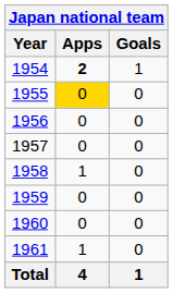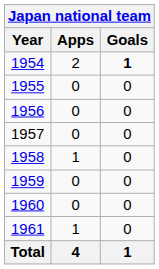 <table class="wikitable" style="text-align:center">
 <tr>
 <th colspan=3><a href='#'>Japan national team</a></th>
 </tr>
 <tr>
 <th>Year</th>
 <th>Apps</th>
 <th>Goals</th>
 </tr>
 <tr>
 <td><a href='#'>1954</a></td>
-<td><strong>2</strong></td>
-<td>1</td>
+<td>2</td>
+<td><strong>1</strong></td>
 </tr>
 <tr>
 <td><a href='#'>1955</a></td>
-<td style="background: gold;">0</td>
+<td>0</td>
 <td>0</td>
 </tr>
 <tr>
 <td><a href='#'>1956</a></td>
 <td>0</td>
 <td>0</td>
 </tr>
 <tr>
 <td>1957</td>
 <td>0</td>
 <td>0</td>
 </tr>
 <tr>
 <td><a href='#'>1958</a></td>
 <td>1</td>
 <td>0</td>
 </tr>
 <tr>
 <td><a href='#'>1959</a></td>
 <td>0</td>
 <td>0</td>
 </tr>
 <tr>
 <td><a href='#'>1960</a></td>
 <td>0</td>
 <td>0</td>
 </tr>
 <tr>
 <td><a href='#'>1961</a></td>
 <td>1</td>
 <td>0</td>
 </tr>
 <tr>
 <th>Total</th>
 <th>4</th>
 <th>1</th>
 </tr>
 </table>
